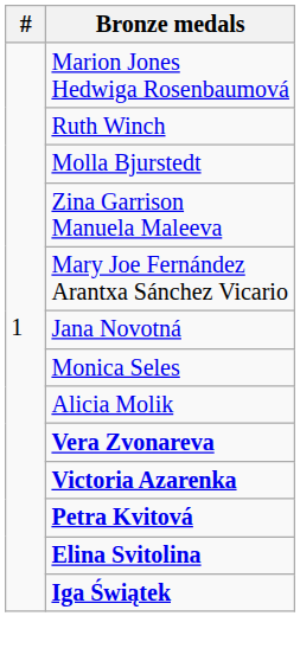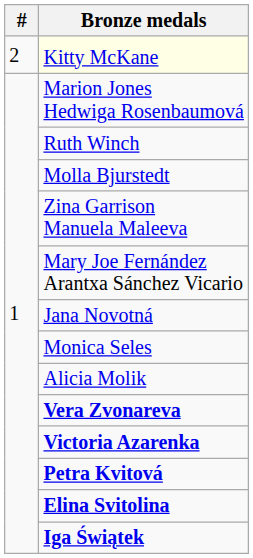 <table class="wikitable" style=display:inline-table>
 <tr>
 <th width=20>#</th>
 <th>Bronze medals</th>
+</tr>
+<tr>
+<td>2</td>
+<td style="background: #ffffe6;"> <a href='#'>Kitty McKane</a><sup></sup></td>
 </tr>
 <tr>
 <td rowspan="13">1</td>
 <td> <a href='#'>Marion Jones</a><br> <a href='#'>Hedwiga Rosenbaumová</a></td>
 </tr>
 <tr>
 <td> <a href='#'>Ruth Winch</a></td>
 </tr>
 <tr>
 <td> <a href='#'>Molla Bjurstedt</a></td>
 </tr>
 <tr>
 <td> <a href='#'>Zina Garrison</a><br> <a href='#'>Manuela Maleeva</a></td>
 </tr>
 <tr>
 <td> <a href='#'>Mary Joe Fernández</a><br> Arantxa Sánchez Vicario</td>
 </tr>
 <tr>
 <td> <a href='#'>Jana Novotná</a></td>
 </tr>
 <tr>
 <td> <a href='#'>Monica Seles</a></td>
 </tr>
 <tr>
 <td> <a href='#'>Alicia Molik</a></td>
 </tr>
 <tr>
 <td><strong> <a href='#'>Vera Zvonareva</a></strong></td>
 </tr>
 <tr>
 <td><strong> <a href='#'>Victoria Azarenka</a></strong></td>
 </tr>
 <tr>
 <td><strong> <a href='#'>Petra Kvitová</a></strong></td>
 </tr>
 <tr>
 <td><strong> <a href='#'>Elina Svitolina</a></strong></td>
 </tr>
 <tr>
 <td><strong> <a href='#'>Iga Świątek</a></strong></td>
 </tr>
 </table>
